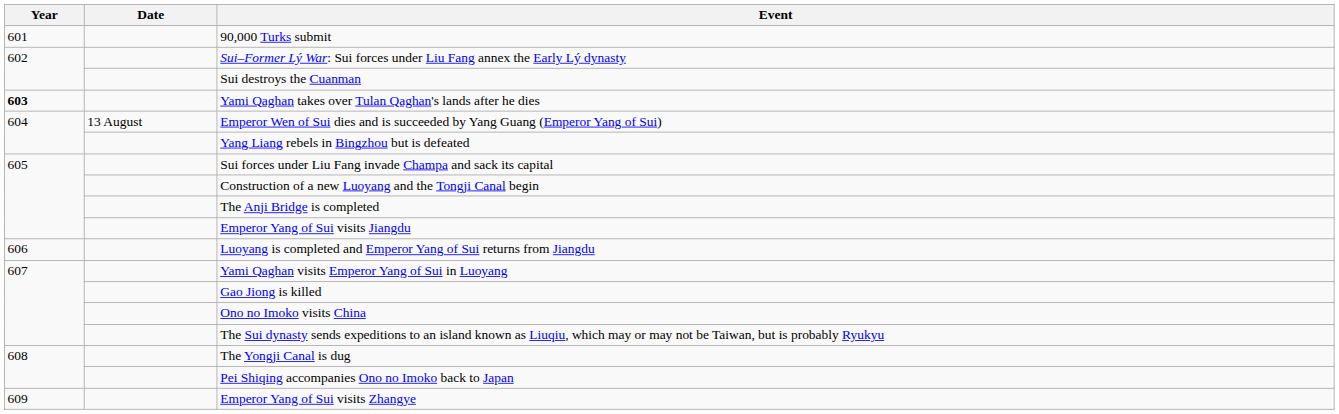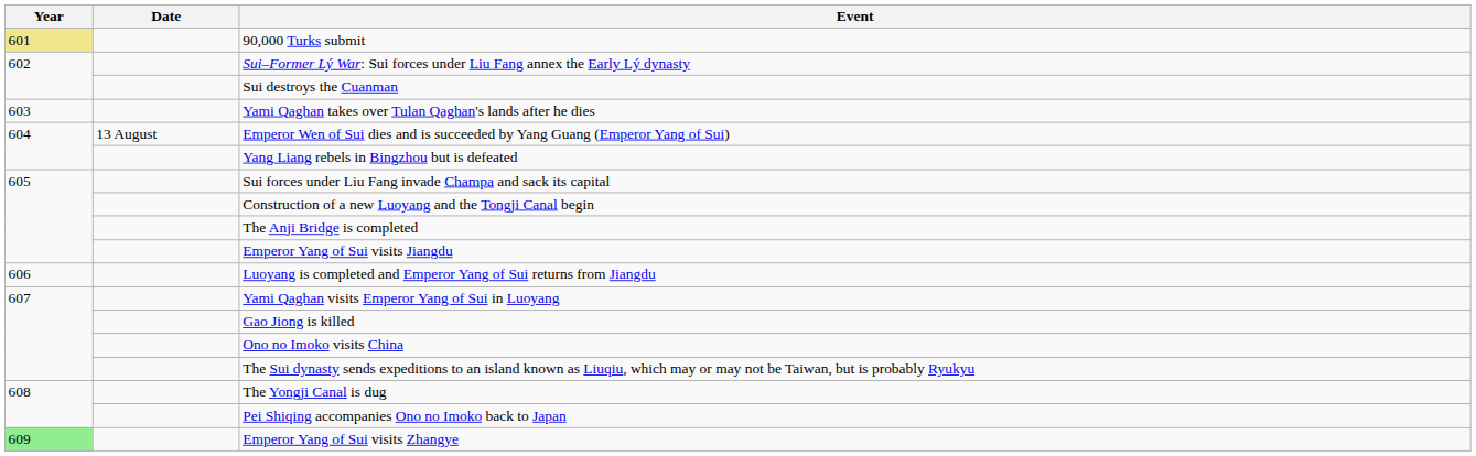 <table class="wikitable" style="width:100%;">
 <tr>
 <th style="width:6%">Year</th>
 <th style="width:10%">Date</th>
 <th>Event</th>
 </tr>
 <tr>
-<td>601</td>
+<td style="background: khaki;">601</td>
 <td></td>
 <td>90,000 <a href='#'>Turks</a> submit</td>
 </tr>
 <tr>
 <td rowspan="2" style="vertical-align:top;">602</td>
 <td></td>
 <td><em><a href='#'>Sui–Former Lý War</a></em>: Sui forces under <a href='#'>Liu Fang</a> annex the <a href='#'>Early Lý dynasty</a></td>
 </tr>
 <tr>
 <td></td>
 <td>Sui destroys the <a href='#'>Cuanman</a></td>
 </tr>
 <tr>
-<td><strong>603</strong></td>
+<td>603</td>
 <td></td>
 <td><a href='#'>Yami Qaghan</a> takes over <a href='#'>Tulan Qaghan</a>'s lands after he dies</td>
 </tr>
 <tr>
 <td rowspan="2" style="vertical-align:top;">604</td>
 <td>13 August</td>
 <td><a href='#'>Emperor Wen of Sui</a> dies and is succeeded by Yang Guang (<a href='#'>Emperor Yang of Sui</a>)</td>
 </tr>
 <tr>
 <td></td>
 <td><a href='#'>Yang Liang</a> rebels in <a href='#'>Bingzhou</a> but is defeated</td>
 </tr>
 <tr>
 <td rowspan="4" style="vertical-align:top;">605</td>
 <td></td>
 <td>Sui forces under Liu Fang invade <a href='#'>Champa</a> and sack its capital</td>
 </tr>
 <tr>
 <td></td>
 <td>Construction of a new <a href='#'>Luoyang</a> and the <a href='#'>Tongji Canal</a> begin</td>
 </tr>
 <tr>
 <td></td>
 <td>The <a href='#'>Anji Bridge</a> is completed</td>
 </tr>
 <tr>
 <td></td>
 <td><a href='#'>Emperor Yang of Sui</a> visits <a href='#'>Jiangdu</a></td>
 </tr>
 <tr>
 <td>606</td>
 <td></td>
 <td><a href='#'>Luoyang</a> is completed and <a href='#'>Emperor Yang of Sui</a> returns from <a href='#'>Jiangdu</a></td>
 </tr>
 <tr>
 <td rowspan="4" style="vertical-align:top;">607</td>
 <td></td>
 <td><a href='#'>Yami Qaghan</a> visits <a href='#'>Emperor Yang of Sui</a> in <a href='#'>Luoyang</a></td>
 </tr>
 <tr>
 <td></td>
 <td><a href='#'>Gao Jiong</a> is killed</td>
 </tr>
 <tr>
 <td></td>
 <td><a href='#'>Ono no Imoko</a> visits <a href='#'>China</a></td>
 </tr>
 <tr>
 <td></td>
 <td>The <a href='#'>Sui dynasty</a> sends expeditions to an island known as <a href='#'>Liuqiu</a>, which may or may not be Taiwan, but is probably <a href='#'>Ryukyu</a></td>
 </tr>
 <tr>
 <td rowspan="2" style="vertical-align:top;">608</td>
 <td></td>
 <td>The <a href='#'>Yongji Canal</a> is dug</td>
 </tr>
 <tr>
 <td></td>
 <td><a href='#'>Pei Shiqing</a> accompanies <a href='#'>Ono no Imoko</a> back to <a href='#'>Japan</a></td>
 </tr>
 <tr>
-<td>609</td>
+<td style="background: lightgreen;">609</td>
 <td></td>
 <td><a href='#'>Emperor Yang of Sui</a> visits <a href='#'>Zhangye</a></td>
 </tr>
 </table>
